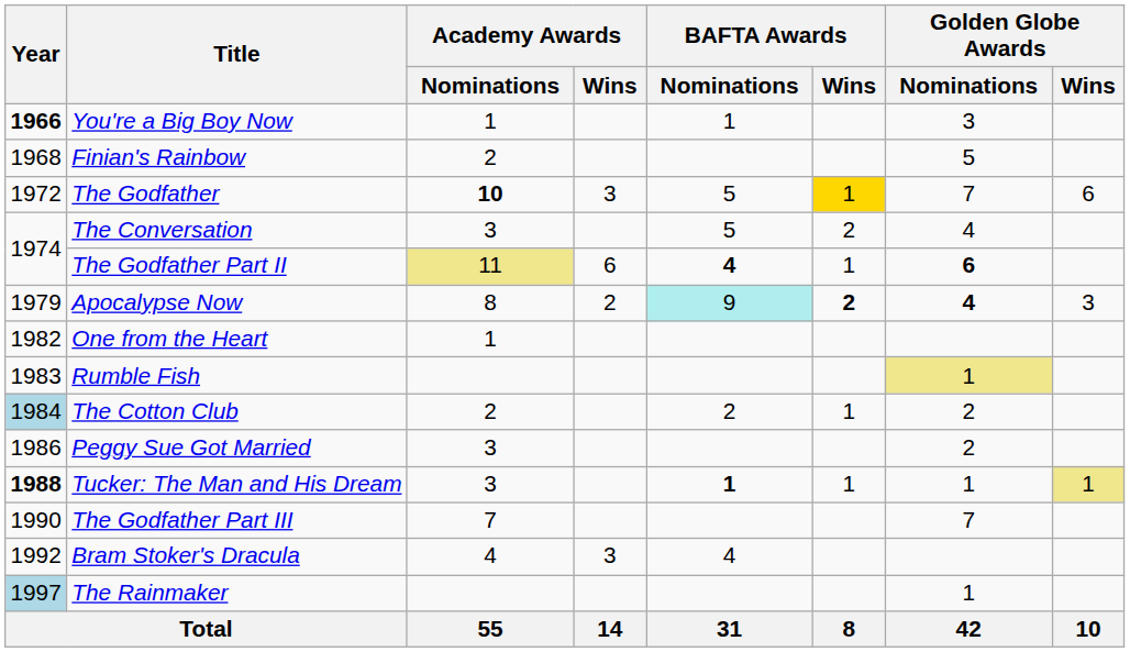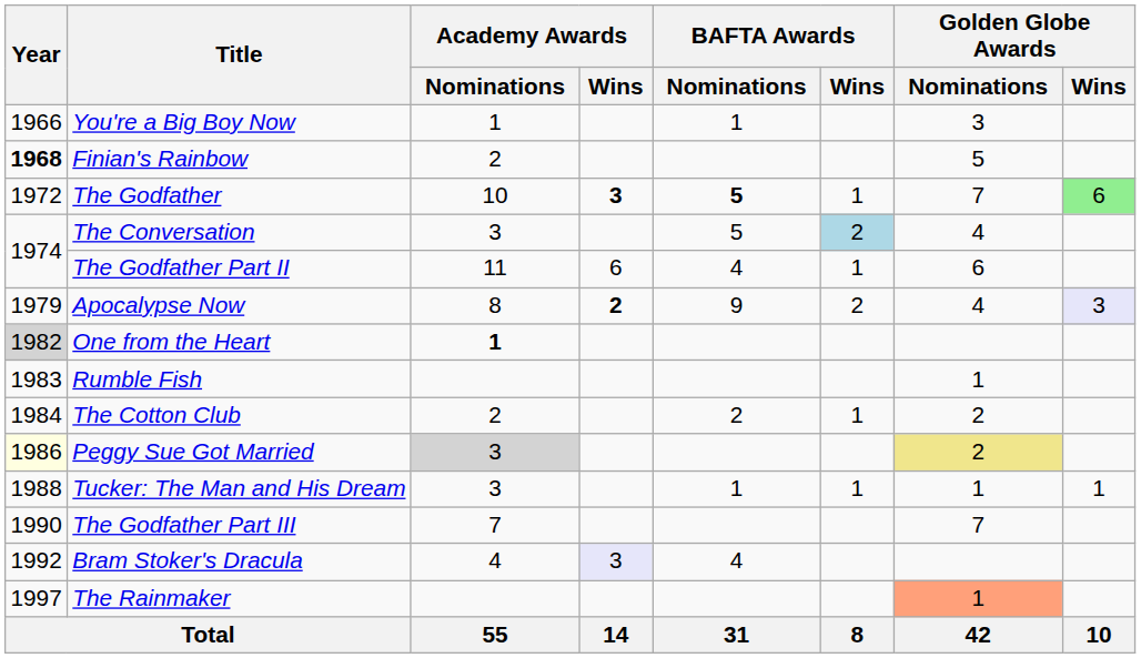 <table class="wikitable">
 <tr>
 <th rowspan="2">Year</th>
 <th rowspan="2">Title</th>
 <th colspan="2" style="text-align:center;" width=160>Academy Awards</th>
 <th colspan="2" style="text-align:center;" width=160>BAFTA Awards</th>
 <th colspan="2" style="text-align:center;" width=160>Golden Globe Awards</th>
 </tr>
 <tr>
 <th>Nominations</th>
 <th>Wins</th>
 <th>Nominations</th>
 <th>Wins</th>
 <th>Nominations</th>
 <th>Wins</th>
 </tr>
 <tr>
-<td><strong>1966</strong></td>
+<td>1966</td>
 <td><em><a href='#'>You're a Big Boy Now</a></em></td>
 <td align=center>1</td>
 <td></td>
 <td align=center>1</td>
 <td></td>
 <td align=center>3</td>
 <td></td>
 </tr>
 <tr>
-<td>1968</td>
+<td><strong>1968</strong></td>
 <td><em><a href='#'>Finian's Rainbow</a></em></td>
 <td align=center>2</td>
 <td></td>
 <td></td>
 <td></td>
 <td align=center>5</td>
 <td></td>
 </tr>
 <tr>
 <td>1972</td>
 <td><em><a href='#'>The Godfather</a></em></td>
-<td align=center><strong>10</strong></td>
-<td align=center>3</td>
-<td align=center>5</td>
-<td align=center style="background: gold;">1</td>
+<td align=center>10</td>
+<td align=center><strong>3</strong></td>
+<td align=center><strong>5</strong></td>
+<td align=center>1</td>
 <td align=center>7</td>
-<td align=center>6</td>
+<td align=center style="background: lightgreen;">6</td>
 </tr>
 <tr>
 <td rowspan=2>1974</td>
 <td><em><a href='#'>The Conversation</a></em></td>
 <td align=center>3</td>
 <td></td>
 <td align=center>5</td>
-<td align=center>2</td>
+<td align=center style="background: lightblue;">2</td>
 <td align=center>4</td>
 <td></td>
 </tr>
 <tr>
 <td><em><a href='#'>The Godfather Part II</a></em></td>
-<td align=center style="background: khaki;">11</td>
+<td align=center>11</td>
 <td align=center>6</td>
-<td align=center><strong>4</strong></td>
+<td align=center>4</td>
 <td align=center>1</td>
-<td align=center><strong>6</strong></td>
+<td align=center>6</td>
 <td></td>
 </tr>
 <tr>
 <td>1979</td>
 <td><em><a href='#'>Apocalypse Now</a></em></td>
 <td align=center>8</td>
+<td align=center><strong>2</strong></td>
+<td align=center>9</td>
 <td align=center>2</td>
-<td align=center style="background: paleturquoise;">9</td>
-<td align=center><strong>2</strong></td>
-<td align=center><strong>4</strong></td>
-<td align=center>3</td>
+<td align=center>4</td>
+<td align=center style="background: lavender;">3</td>
 </tr>
 <tr>
-<td>1982</td>
+<td style="background: lightgrey;">1982</td>
 <td><em><a href='#'>One from the Heart</a></em></td>
-<td align=center>1</td>
+<td align=center><strong>1</strong></td>
 <td></td>
 <td></td>
 <td></td>
 <td></td>
 <td></td>
 </tr>
 <tr>
 <td>1983</td>
 <td><em><a href='#'>Rumble Fish</a></em></td>
 <td></td>
 <td></td>
 <td></td>
 <td></td>
-<td align=center style="background: khaki;">1</td>
+<td align=center>1</td>
 <td></td>
 </tr>
 <tr>
-<td style="background: lightblue;">1984</td>
+<td>1984</td>
 <td><em><a href='#'>The Cotton Club</a></em></td>
 <td align=center>2</td>
 <td></td>
 <td align=center>2</td>
 <td align=center>1</td>
 <td align=center>2</td>
 <td></td>
 </tr>
 <tr>
-<td>1986</td>
+<td style="background: lightyellow;">1986</td>
 <td><em><a href='#'>Peggy Sue Got Married</a></em></td>
-<td align=center>3</td>
+<td align=center style="background: lightgrey;">3</td>
 <td></td>
 <td></td>
 <td></td>
-<td align=center>2</td>
+<td align=center style="background: khaki;">2</td>
 <td></td>
 </tr>
 <tr>
-<td><strong>1988</strong></td>
+<td>1988</td>
 <td><em><a href='#'>Tucker: The Man and His Dream</a></em></td>
 <td align=center>3</td>
 <td></td>
-<td align=center><strong>1</strong></td>
 <td align=center>1</td>
 <td align=center>1</td>
-<td align=center style="background: khaki;">1</td>
+<td align=center>1</td>
+<td align=center>1</td>
 </tr>
 <tr>
 <td>1990</td>
 <td><em><a href='#'>The Godfather Part III</a></em></td>
 <td align=center>7</td>
 <td></td>
 <td></td>
 <td></td>
 <td align=center>7</td>
 <td></td>
 </tr>
 <tr>
 <td>1992</td>
 <td><em><a href='#'>Bram Stoker's Dracula</a></em></td>
 <td align=center>4</td>
-<td align=center>3</td>
+<td align=center style="background: lavender;">3</td>
 <td align=center>4</td>
 <td></td>
 <td></td>
 <td></td>
 </tr>
 <tr>
-<td style="background: lightblue;">1997</td>
+<td>1997</td>
 <td><em><a href='#'>The Rainmaker</a></em></td>
 <td></td>
 <td></td>
 <td></td>
 <td></td>
-<td align=center>1</td>
+<td align=center style="background: lightsalmon;">1</td>
 <td></td>
 </tr>
 <tr>
 <th colspan="2">Total</th>
 <th align=center>55</th>
 <th align=center>14</th>
 <th align=center>31</th>
 <th align=center>8</th>
 <th align=center>42</th>
 <th align=center>10</th>
 </tr>
 </table>
